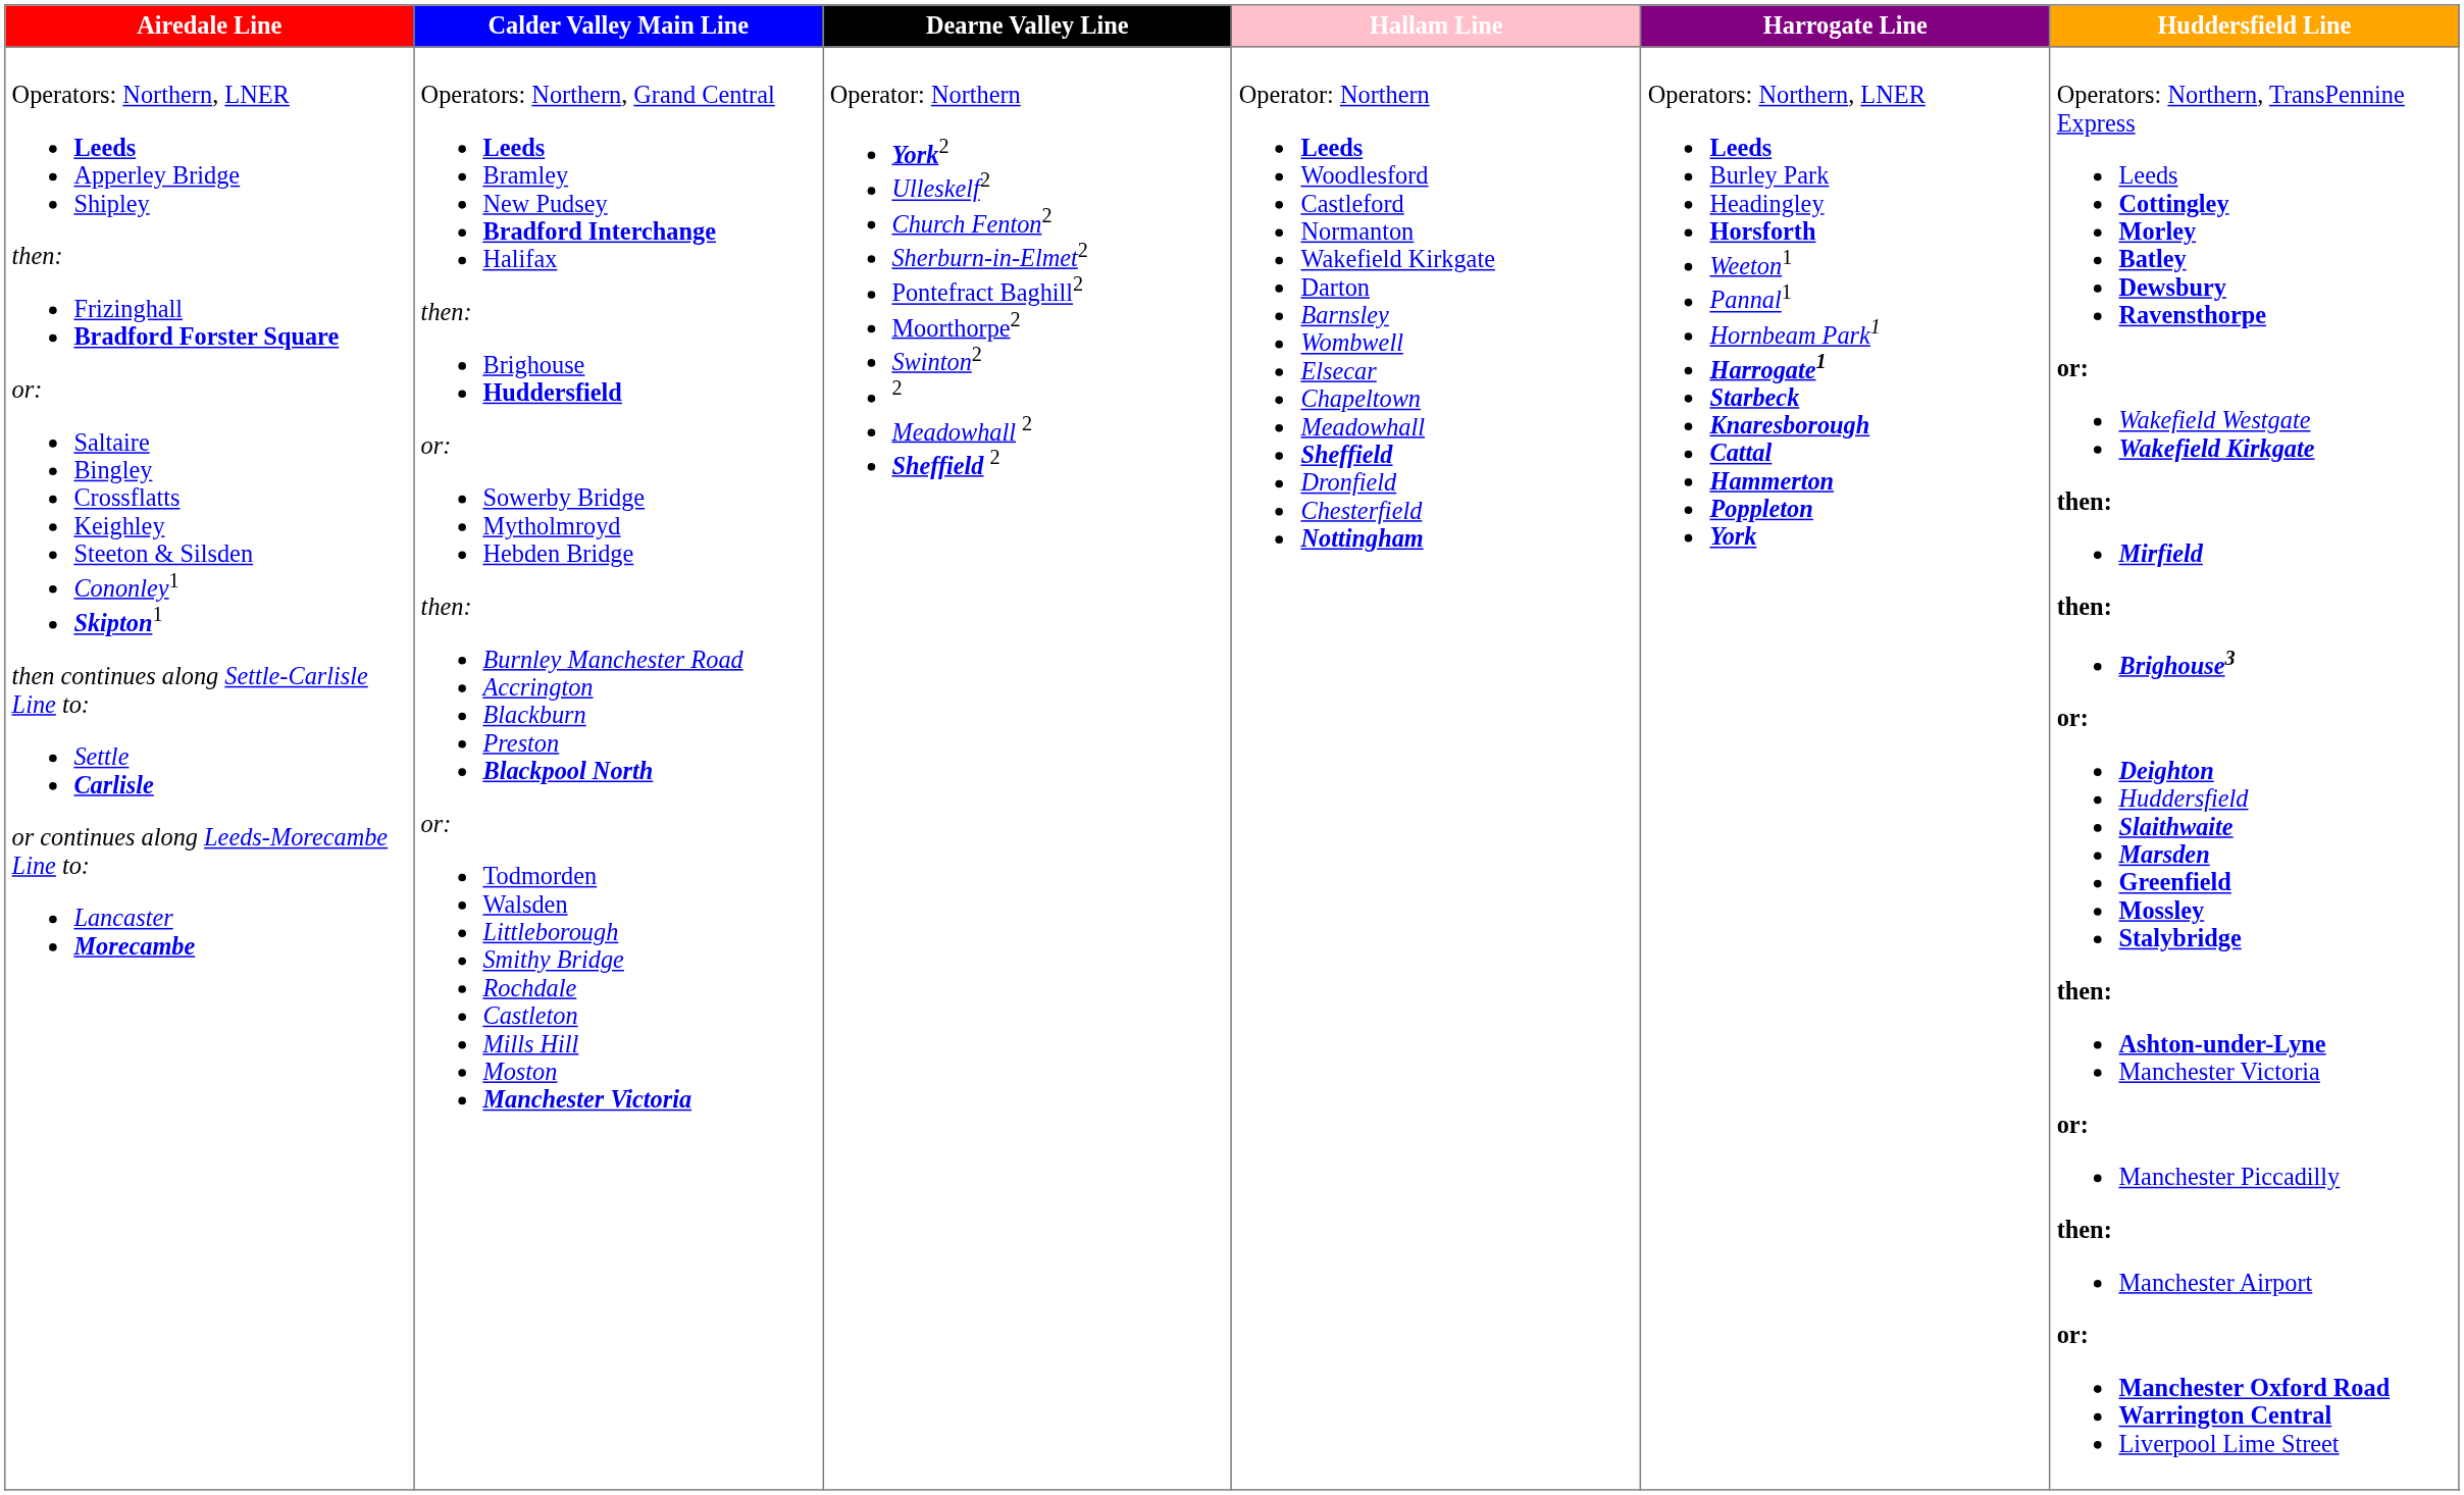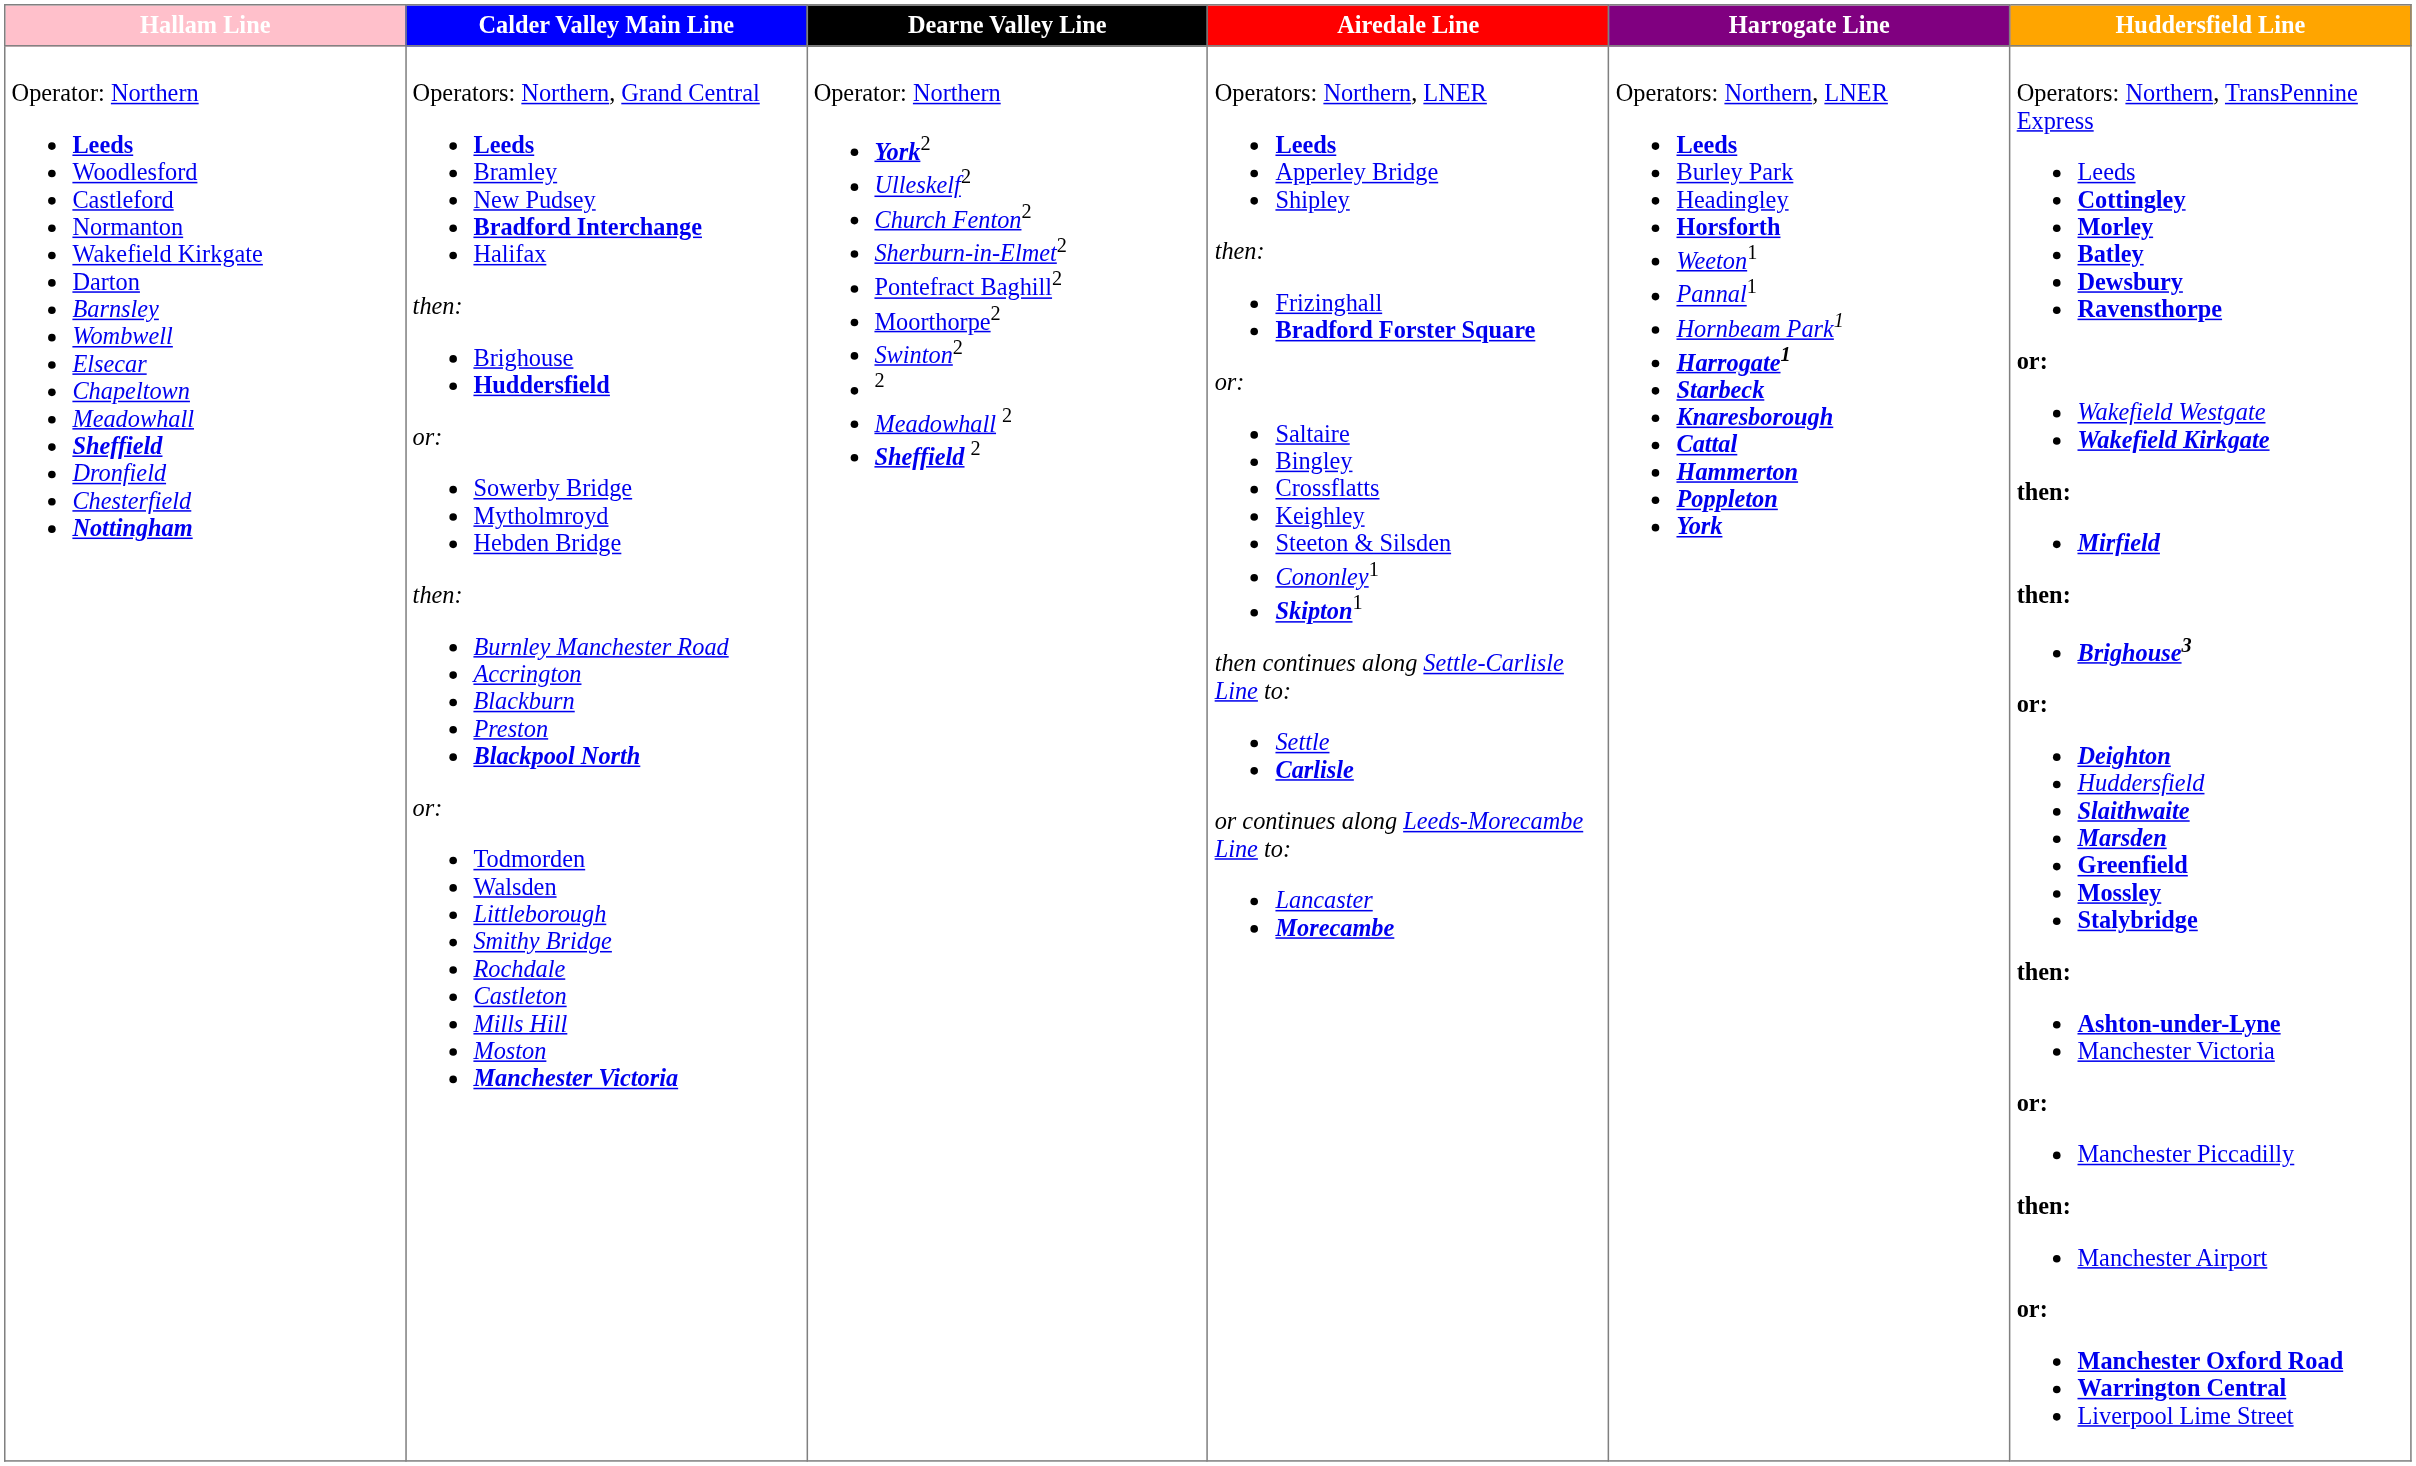 <table class="toccolours" border="1" cellpadding="4" cellspacing="2" style="border-collapse: collapse;">
 <tr>
-<th style="background: red; color: white;" width=16%>Airedale Line</th>
+<th style="background: pink; color: white;" width=16%>Hallam Line</th>
 <th style="background: blue; color: white;" width=16%>Calder Valley Main Line</th>
 <th style="background: black; color: white;" width=16%>Dearne Valley Line</th>
-<th style="background: pink; color: white;" width=16%>Hallam Line</th>
+<th style="background: red; color: white;" width=16%>Airedale Line</th>
 <th style="background: purple; color: white;" width=16%>Harrogate Line</th>
 <th style="background: orange; color: white;" width=16%>Huddersfield Line</th>
 </tr>
 <tr>
-<td valign="top"><br>Operators: <a href='#'>Northern</a>, <a href='#'>LNER</a><ul><li><strong><a href='#'>Leeds</a></strong></li><li><a href='#'>Apperley Bridge</a></li><li><a href='#'>Shipley</a></li></ul><em>then:</em><ul><li><a href='#'>Frizinghall</a></li><li><strong><a href='#'>Bradford Forster Square</a></strong></li></ul><em>or:</em><ul><li><a href='#'>Saltaire</a></li><li><a href='#'>Bingley</a></li><li><a href='#'>Crossflatts</a></li><li><a href='#'>Keighley</a></li><li><a href='#'>Steeton & Silsden</a></li><li><em><a href='#'>Cononley</a></em><sup>1</sup></li><li><strong><em><a href='#'>Skipton</a></em></strong><sup>1</sup></li></ul><em>then continues along <a href='#'>Settle-Carlisle Line</a> to:</em><ul><li><em><a href='#'>Settle</a></em></li><li><strong><em><a href='#'>Carlisle</a></em></strong></li></ul><em>or continues along <a href='#'>Leeds-Morecambe Line</a> to:</em><ul><li><em><a href='#'>Lancaster</a></em></li><li><strong><em><a href='#'>Morecambe</a></em></strong></li></ul></td>
+<td valign="top"><br>Operator: <a href='#'>Northern</a><ul><li><strong><a href='#'>Leeds</a></strong></li><li><a href='#'>Woodlesford</a></li><li><a href='#'>Castleford</a></li><li><a href='#'>Normanton</a></li><li><a href='#'>Wakefield Kirkgate</a></li><li><a href='#'>Darton</a></li><li><em><a href='#'>Barnsley</a></em></li><li><em><a href='#'>Wombwell</a></em></li><li><em><a href='#'>Elsecar</a></em></li><li><em><a href='#'>Chapeltown</a></em></li><li><em><a href='#'>Meadowhall</a></em> </li><li><strong><em><a href='#'>Sheffield</a></em></strong> </li><li><em><a href='#'>Dronfield</a></em></li><li><em><a href='#'>Chesterfield</a></em></li><li><strong><em><a href='#'>Nottingham</a></em></strong> </li></ul></td>
 <td valign="top"><br>Operators: <a href='#'>Northern</a>, <a href='#'>Grand Central</a><ul><li><strong><a href='#'>Leeds</a></strong></li><li><a href='#'>Bramley</a></li><li><a href='#'>New Pudsey</a></li><li><strong><a href='#'>Bradford Interchange</a></strong></li><li><a href='#'>Halifax</a></li></ul><em>then:</em><ul><li><a href='#'>Brighouse</a></li><li><strong><a href='#'>Huddersfield</a></strong></li></ul><em>or:</em><ul><li><a href='#'>Sowerby Bridge</a></li><li><a href='#'>Mytholmroyd</a></li><li><a href='#'>Hebden Bridge</a></li></ul><em>then:</em><ul><li><em><a href='#'>Burnley Manchester Road</a></em></li><li><em><a href='#'>Accrington</a></em></li><li><em><a href='#'>Blackburn</a></em></li><li><em><a href='#'>Preston</a></em></li><li><strong><em><a href='#'>Blackpool North</a></em></strong></li></ul><em>or:</em><ul><li><a href='#'>Todmorden</a></li><li><a href='#'>Walsden</a></li><li><em><a href='#'>Littleborough</a></em></li><li><em><a href='#'>Smithy Bridge</a></em></li><li><em><a href='#'>Rochdale</a></em></li><li><em><a href='#'>Castleton</a></em></li><li><em><a href='#'>Mills Hill</a></em></li><li><em><a href='#'>Moston</a></em></li><li><strong><em><a href='#'>Manchester Victoria</a></em></strong> </li></ul></td>
 <td valign="top"><br>Operator: <a href='#'>Northern</a><ul><li><strong><em><a href='#'>York</a></em></strong><sup>2</sup></li><li><em><a href='#'>Ulleskelf</a></em><sup>2</sup></li><li><em><a href='#'>Church Fenton</a></em><sup>2</sup></li><li><em><a href='#'>Sherburn-in-Elmet</a></em><sup>2</sup></li><li><a href='#'>Pontefract Baghill</a><sup>2</sup></li><li><a href='#'>Moorthorpe</a><sup>2</sup></li><li><em><a href='#'>Swinton</a></em><sup>2</sup></li><li><em> </em><sup>2</sup></li><li><em><a href='#'>Meadowhall</a></em>  <sup>2</sup></li><li><strong><em><a href='#'>Sheffield</a></em></strong>  <sup>2</sup></li></ul></td>
-<td valign="top"><br>Operator: <a href='#'>Northern</a><ul><li><strong><a href='#'>Leeds</a></strong></li><li><a href='#'>Woodlesford</a></li><li><a href='#'>Castleford</a></li><li><a href='#'>Normanton</a></li><li><a href='#'>Wakefield Kirkgate</a></li><li><a href='#'>Darton</a></li><li><em><a href='#'>Barnsley</a></em></li><li><em><a href='#'>Wombwell</a></em></li><li><em><a href='#'>Elsecar</a></em></li><li><em><a href='#'>Chapeltown</a></em></li><li><em><a href='#'>Meadowhall</a></em> </li><li><strong><em><a href='#'>Sheffield</a></em></strong> </li><li><em><a href='#'>Dronfield</a></em></li><li><em><a href='#'>Chesterfield</a></em></li><li><strong><em><a href='#'>Nottingham</a></em></strong> </li></ul></td>
+<td valign="top"><br>Operators: <a href='#'>Northern</a>, <a href='#'>LNER</a><ul><li><strong><a href='#'>Leeds</a></strong></li><li><a href='#'>Apperley Bridge</a></li><li><a href='#'>Shipley</a></li></ul><em>then:</em><ul><li><a href='#'>Frizinghall</a></li><li><strong><a href='#'>Bradford Forster Square</a></strong></li></ul><em>or:</em><ul><li><a href='#'>Saltaire</a></li><li><a href='#'>Bingley</a></li><li><a href='#'>Crossflatts</a></li><li><a href='#'>Keighley</a></li><li><a href='#'>Steeton & Silsden</a></li><li><em><a href='#'>Cononley</a></em><sup>1</sup></li><li><strong><em><a href='#'>Skipton</a></em></strong><sup>1</sup></li></ul><em>then continues along <a href='#'>Settle-Carlisle Line</a> to:</em><ul><li><em><a href='#'>Settle</a></em></li><li><strong><em><a href='#'>Carlisle</a></em></strong></li></ul><em>or continues along <a href='#'>Leeds-Morecambe Line</a> to:</em><ul><li><em><a href='#'>Lancaster</a></em></li><li><strong><em><a href='#'>Morecambe</a></em></strong></li></ul></td>
 <td valign="top"><br>Operators: <a href='#'>Northern</a>, <a href='#'>LNER</a><ul><li><strong><a href='#'>Leeds</a></strong></li><li><a href='#'>Burley Park</a></li><li><a href='#'>Headingley</a></li><li><strong><a href='#'>Horsforth</a></strong></li><li><em><a href='#'>Weeton</a></em><sup>1</sup></li><li><em><a href='#'>Pannal</a></em><sup>1</sup></li><li><em><a href='#'>Hornbeam Park</a><sup>1</sup></em></li><li><strong><em><a href='#'>Harrogate</a><strong><sup>1</sup><em></li><li></em><a href='#'>Starbeck</a><em></li><li></strong><a href='#'></em>Knaresborough<em></a><strong></li><li></em><a href='#'>Cattal</a><em></li><li></em><a href='#'>Hammerton</a><em></li><li></em><a href='#'>Poppleton</a><em></li><li></em></strong><a href='#'>York</a><strong><em></li></ul></td>
 <td valign="top"><br>Operators: <a href='#'>Northern</a>, <a href='#'>TransPennine Express</a><ul><li></strong><a href='#'>Leeds</a><strong></li><li><a href='#'>Cottingley</a></li><li><a href='#'>Morley</a></li><li><a href='#'>Batley</a></li><li><a href='#'>Dewsbury</a></li><li><a href='#'>Ravensthorpe</a></li></ul></em>or:<em><ul><li></strong><a href='#'>Wakefield Westgate</a><strong></li><li><a href='#'>Wakefield Kirkgate</a></li></ul></em>then:<em><ul><li><a href='#'>Mirfield</a></li></ul></em>then:<em><ul><li><a href='#'>Brighouse</a><sup>3</sup></li></ul></em>or:<em><ul><li><a href='#'>Deighton</a></li><li></strong><a href='#'>Huddersfield</a><strong></li><li><a href='#'>Slaithwaite</a></li><li><a href='#'>Marsden</a></li><li></em><a href='#'>Greenfield</a><em></li><li></em><a href='#'>Mossley</a><em></li><li></em><a href='#'>Stalybridge</a><em></li></ul></em>then:<em><ul><li></em><a href='#'>Ashton-under-Lyne</a><em></li><li></em></strong><a href='#'>Manchester Victoria</a><strong><em> </li></ul></em>or:<em><ul><li></em></strong><a href='#'>Manchester Piccadilly</a><strong><em> </li></ul></em>then:<em><ul><li></em></strong><a href='#'>Manchester Airport</a><strong><em> </li></ul></em>or:<em><ul><li></em><a href='#'>Manchester Oxford Road</a><em></li><li></em><a href='#'>Warrington Central</a><em></li><li></em></strong><a href='#'>Liverpool Lime Street</a><strong><em> </li></ul></td>
 </tr>
 </table>
